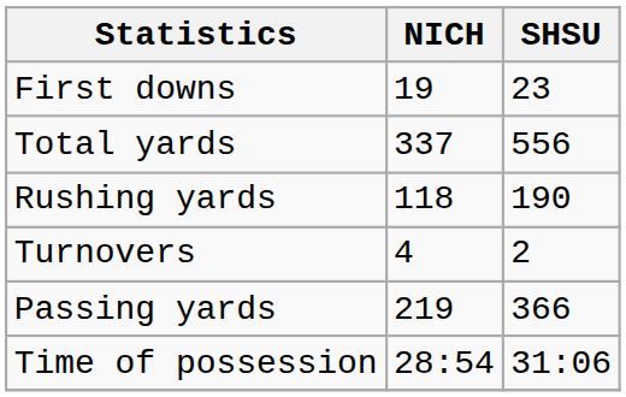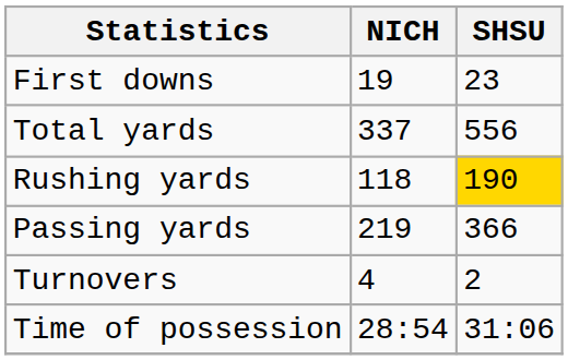 <table class="wikitable" style="float: left;">
 <tr>
 <th>Statistics</th>
 <th>NICH</th>
 <th>SHSU</th>
 </tr>
 <tr>
 <td>First downs</td>
 <td>19</td>
 <td>23</td>
 </tr>
 <tr>
 <td>Total yards</td>
 <td>337</td>
 <td>556</td>
 </tr>
 <tr>
 <td>Rushing yards</td>
 <td>118</td>
-<td>190</td>
+<td style="background: gold;">190</td>
+</tr>
+<tr>
+<td>Passing yards</td>
+<td>219</td>
+<td>366</td>
 </tr>
 <tr>
 <td>Turnovers</td>
 <td>4</td>
 <td>2</td>
-</tr>
-<tr>
-<td>Passing yards</td>
-<td>219</td>
-<td>366</td>
 </tr>
 <tr>
 <td>Time of possession</td>
 <td>28:54</td>
 <td>31:06</td>
 </tr>
 <tr>
 </tr>
 </table>
